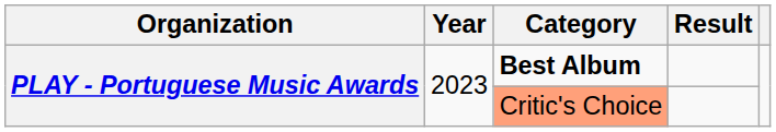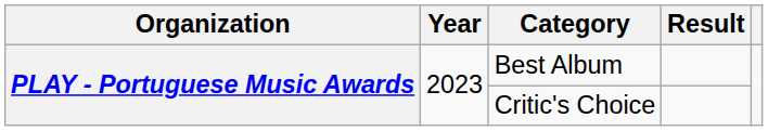 <table class="wikitable sortable plainrowheaders" style="border:none; margin:0;">
 <tr>
 <th scope="col">Organization</th>
 <th scope="col">Year</th>
 <th scope="col">Category</th>
 <th scope="col">Result</th>
 <th scope="col" class="unsortable"></th>
 </tr>
 <tr>
 <th rowspan="2" scope="row"><em><a href='#'>PLAY - Portuguese Music Awards</a></em></th>
 <td rowspan="2">2023</td>
-<td><strong>Best Album</strong></td>
+<td>Best Album</td>
 <td></td>
 <td rowspan="2"></td>
 </tr>
 <tr>
-<td style="background: lightsalmon;">Critic's Choice</td>
+<td>Critic's Choice</td>
 <td></td>
 </tr>
 </table>
